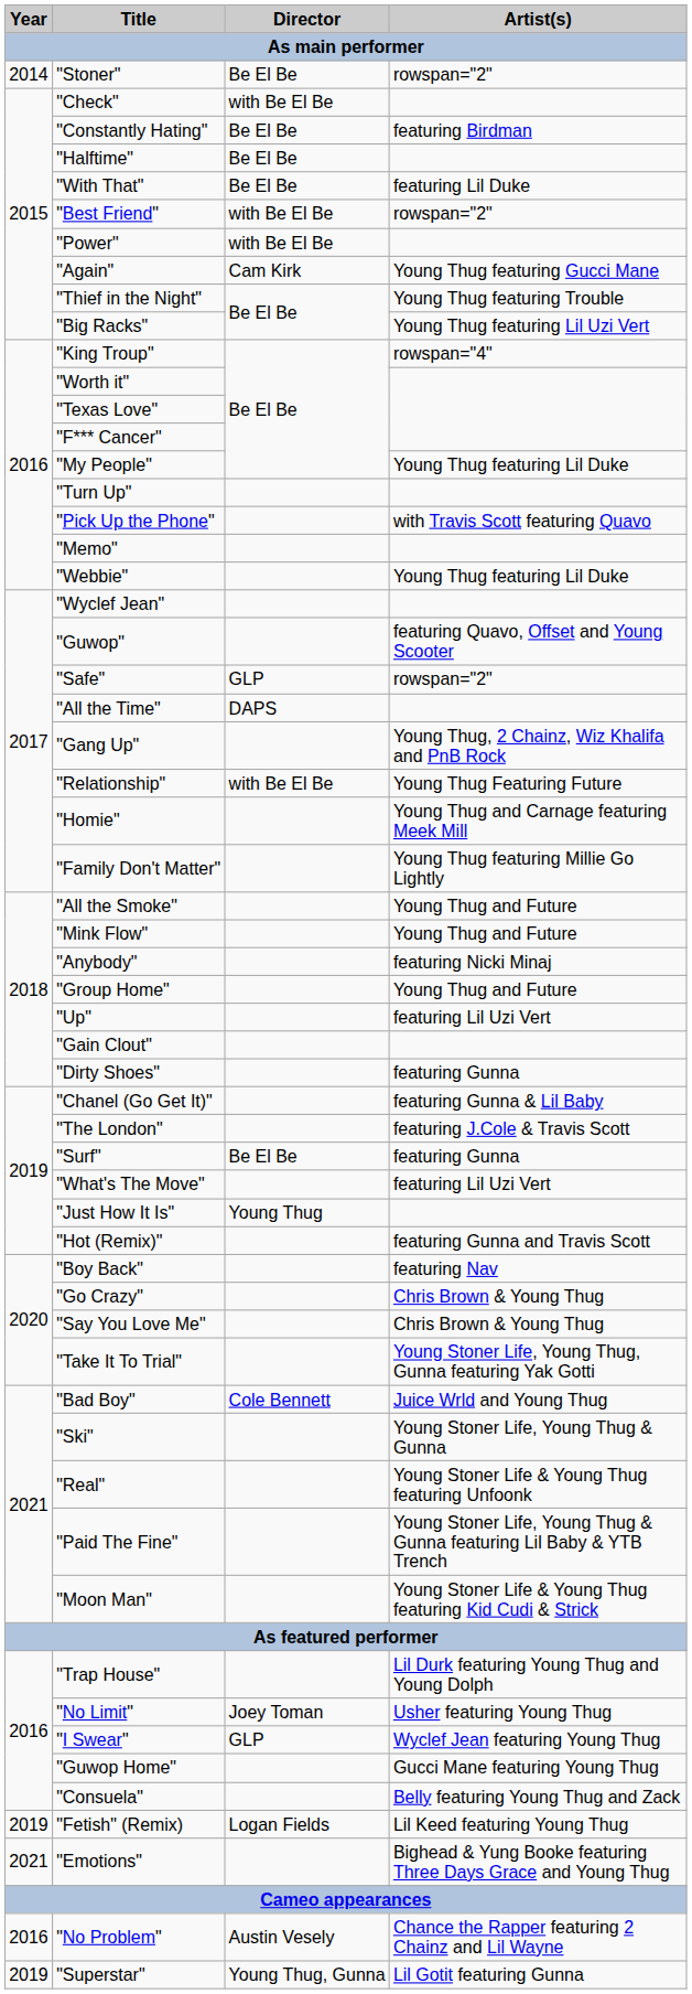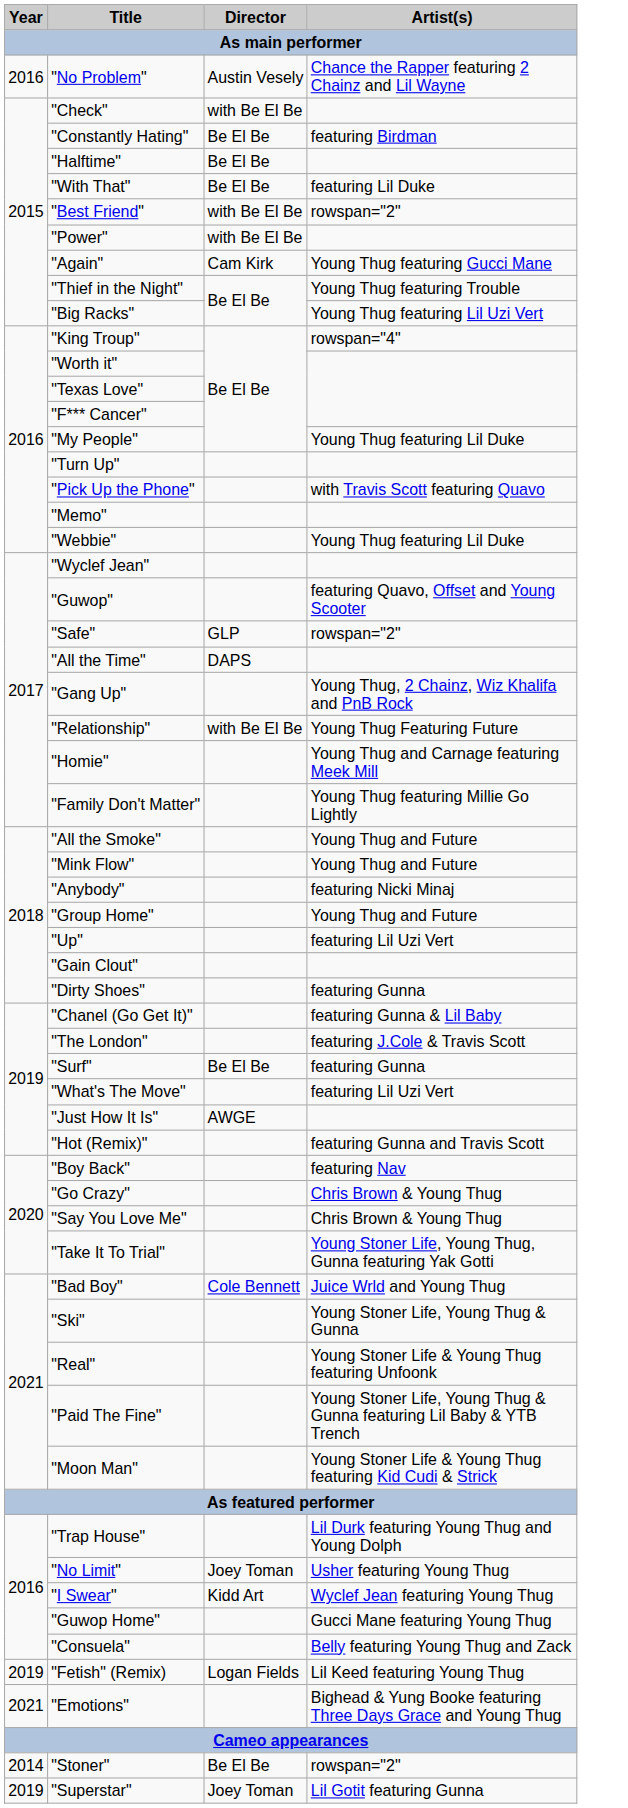 <table class="wikitable" style="font-size:95%">
 <tr>
 <th style="background:#ccc;">Year</th>
 <th style="background:#ccc;">Title</th>
 <th style="background:#ccc;">Director</th>
 <th style="background:#ccc;width:250px">Artist(s)</th>
 </tr>
 <tr style="text-align:center;">
 <th colspan="4" style="background:#B0C4DE;">As main performer</th>
 </tr>
 <tr>
-<td style="text-align:center;">2014</td>
-<td>"Stoner"</td>
-<td>Be El Be</td>
-<td>rowspan="2" </td>
+<td>2016</td>
+<td>"<a href='#'>No Problem</a>"</td>
+<td>Austin Vesely</td>
+<td><a href='#'>Chance the Rapper</a> featuring <a href='#'>2 Chainz</a> and <a href='#'>Lil Wayne</a></td>
 </tr>
 <tr>
 <td style="text-align:center;" rowspan="9">2015</td>
 <td>"Check"</td>
 <td>with Be El Be</td>
 </tr>
 <tr>
 <td>"Constantly Hating"</td>
 <td>Be El Be</td>
 <td>featuring <a href='#'>Birdman</a></td>
 </tr>
 <tr>
 <td>"Halftime"</td>
 <td>Be El Be</td>
 <td></td>
 </tr>
 <tr>
 <td>"With That"</td>
 <td>Be El Be</td>
 <td>featuring Lil Duke</td>
 </tr>
 <tr>
 <td>"<a href='#'>Best Friend</a>"</td>
 <td>with Be El Be</td>
 <td>rowspan="2" </td>
 </tr>
 <tr>
 <td>"Power"</td>
 <td>with Be El Be</td>
 </tr>
 <tr>
 <td>"Again"</td>
 <td>Cam Kirk</td>
 <td>Young Thug featuring <a href='#'>Gucci Mane</a></td>
 </tr>
 <tr>
 <td>"Thief in the Night"</td>
 <td rowspan="2">Be El Be</td>
 <td>Young Thug featuring Trouble</td>
 </tr>
 <tr>
 <td>"Big Racks"</td>
 <td>Young Thug featuring <a href='#'>Lil Uzi Vert</a></td>
 </tr>
 <tr>
 <td style="text-align:center;" rowspan="9">2016</td>
 <td>"King Troup"</td>
 <td rowspan="5">Be El Be</td>
 <td>rowspan="4" </td>
 </tr>
 <tr>
 <td>"Worth it"</td>
 </tr>
 <tr>
 <td>"Texas Love"</td>
 </tr>
 <tr>
 <td>"F*** Cancer"</td>
 </tr>
 <tr>
 <td>"My People"</td>
 <td>Young Thug featuring Lil Duke</td>
 </tr>
 <tr>
 <td>"Turn Up"</td>
 <td></td>
 <td></td>
 </tr>
 <tr>
 <td>"<a href='#'>Pick Up the Phone</a>"</td>
 <td></td>
 <td>with <a href='#'>Travis Scott</a> featuring <a href='#'>Quavo</a></td>
 </tr>
 <tr>
 <td>"Memo"</td>
 <td></td>
 <td></td>
 </tr>
 <tr>
 <td>"Webbie"</td>
 <td></td>
 <td>Young Thug featuring Lil Duke</td>
 </tr>
 <tr>
 <td rowspan="8" style="text-align:center;">2017</td>
 <td>"Wyclef Jean"</td>
 <td></td>
 <td></td>
 </tr>
 <tr>
 <td>"Guwop"</td>
 <td></td>
 <td>featuring Quavo, <a href='#'>Offset</a> and <a href='#'>Young Scooter</a></td>
 </tr>
 <tr>
 <td>"Safe"</td>
 <td>GLP</td>
 <td>rowspan="2" </td>
 </tr>
 <tr>
 <td>"All the Time"</td>
 <td>DAPS</td>
 </tr>
 <tr>
 <td>"Gang Up"</td>
 <td></td>
 <td>Young Thug, <a href='#'>2 Chainz</a>, <a href='#'>Wiz Khalifa</a> and <a href='#'>PnB Rock</a></td>
 </tr>
 <tr>
 <td>"Relationship"</td>
 <td>with Be El Be</td>
 <td>Young Thug Featuring Future</td>
 </tr>
 <tr>
 <td>"Homie"</td>
 <td></td>
 <td>Young Thug and Carnage featuring <a href='#'>Meek Mill</a></td>
 </tr>
 <tr>
 <td>"Family Don't Matter"</td>
 <td></td>
 <td>Young Thug featuring Millie Go Lightly</td>
 </tr>
 <tr>
 <td rowspan="7" style="text-align:center;">2018</td>
 <td>"All the Smoke"</td>
 <td></td>
 <td>Young Thug and Future</td>
 </tr>
 <tr>
 <td>"Mink Flow"</td>
 <td></td>
 <td>Young Thug and Future</td>
 </tr>
 <tr>
 <td>"Anybody"</td>
 <td></td>
 <td>featuring Nicki Minaj</td>
 </tr>
 <tr>
 <td>"Group Home"</td>
 <td></td>
 <td>Young Thug and Future</td>
 </tr>
 <tr>
 <td>"Up"</td>
 <td></td>
 <td>featuring Lil Uzi Vert</td>
 </tr>
 <tr>
 <td>"Gain Clout"</td>
 <td></td>
 <td></td>
 </tr>
 <tr>
 <td>"Dirty Shoes"</td>
 <td></td>
 <td>featuring Gunna</td>
 </tr>
 <tr>
 <td rowspan="6" style="text-align:center;">2019</td>
 <td>"Chanel (Go Get It)"</td>
 <td></td>
 <td>featuring Gunna & <a href='#'>Lil Baby</a></td>
 </tr>
 <tr>
 <td>"The London"</td>
 <td></td>
 <td>featuring <a href='#'>J.Cole</a> & Travis Scott</td>
 </tr>
 <tr 1hd>
 <td>"Surf"</td>
 <td>Be El Be</td>
 <td>featuring Gunna</td>
 </tr>
 <tr>
 <td>"What's The Move"</td>
 <td></td>
 <td>featuring Lil Uzi Vert</td>
 </tr>
 <tr>
 <td>"Just How It Is"</td>
-<td>Young Thug</td>
+<td>AWGE</td>
 <td></td>
 </tr>
 <tr>
 <td>"Hot (Remix)"</td>
 <td></td>
 <td>featuring Gunna and Travis Scott</td>
 </tr>
 <tr>
 <td rowspan="4" style="text-align:center;">2020</td>
 <td>"Boy Back"</td>
 <td></td>
 <td>featuring <a href='#'>Nav</a></td>
 </tr>
 <tr>
 <td>"Go Crazy"</td>
 <td></td>
 <td><a href='#'>Chris Brown</a> & Young Thug</td>
 </tr>
 <tr>
 <td>"Say You Love Me"</td>
 <td></td>
 <td>Chris Brown & Young Thug</td>
 </tr>
 <tr>
 <td>"Take It To Trial"</td>
 <td></td>
 <td><a href='#'>Young Stoner Life</a>, Young Thug, Gunna featuring Yak Gotti</td>
 </tr>
 <tr>
 <td rowspan="5" style="text-align:center;">2021</td>
 <td>"Bad Boy"</td>
 <td><a href='#'>Cole Bennett</a></td>
 <td><a href='#'>Juice Wrld</a> and Young Thug</td>
 </tr>
 <tr>
 <td>"Ski"</td>
 <td></td>
 <td>Young Stoner Life, Young Thug & Gunna</td>
 </tr>
 <tr>
 <td>"Real"</td>
 <td></td>
 <td>Young Stoner Life & Young Thug featuring Unfoonk</td>
 </tr>
 <tr>
 <td>"Paid The Fine"</td>
 <td></td>
 <td>Young Stoner Life, Young Thug & Gunna featuring Lil Baby & YTB Trench</td>
 </tr>
 <tr>
 <td>"Moon Man"</td>
 <td></td>
 <td>Young Stoner Life & Young Thug featuring <a href='#'>Kid Cudi</a> & <a href='#'>Strick</a></td>
 </tr>
 <tr>
 <th colspan="4" style="background:#B0C4DE;">As featured performer</th>
 </tr>
 <tr>
 <td style="text-align:center;" rowspan="5">2016</td>
 <td>"Trap House"</td>
 <td></td>
 <td><a href='#'>Lil Durk</a> featuring Young Thug and Young Dolph</td>
 </tr>
 <tr>
 <td>"<a href='#'>No Limit</a>"</td>
 <td>Joey Toman</td>
 <td><a href='#'>Usher</a> featuring Young Thug</td>
 </tr>
 <tr>
 <td>"<a href='#'>I Swear</a>"</td>
-<td>GLP</td>
+<td>Kidd Art</td>
 <td><a href='#'>Wyclef Jean</a> featuring Young Thug</td>
 </tr>
 <tr>
 <td>"Guwop Home"</td>
 <td></td>
 <td>Gucci Mane featuring Young Thug</td>
 </tr>
 <tr>
 <td>"Consuela"</td>
 <td></td>
 <td><a href='#'>Belly</a> featuring Young Thug and Zack</td>
 </tr>
 <tr>
 <td>2019</td>
 <td>"Fetish" (Remix)</td>
 <td>Logan Fields</td>
 <td>Lil Keed featuring Young Thug</td>
 </tr>
 <tr>
 <td>2021</td>
 <td>"Emotions"</td>
 <td></td>
 <td>Bighead & Yung Booke featuring <a href='#'>Three Days Grace</a> and Young Thug</td>
 </tr>
 <tr>
 <th colspan="4" style="background:#B0C4DE;"><a href='#'>Cameo appearances</a></th>
 </tr>
 <tr>
-<td>2016</td>
-<td>"<a href='#'>No Problem</a>"</td>
-<td>Austin Vesely</td>
-<td><a href='#'>Chance the Rapper</a> featuring <a href='#'>2 Chainz</a> and <a href='#'>Lil Wayne</a></td>
+<td style="text-align:center;">2014</td>
+<td>"Stoner"</td>
+<td>Be El Be</td>
+<td>rowspan="2" </td>
 </tr>
 <tr>
 <td>2019</td>
 <td>"Superstar"</td>
-<td>Young Thug, Gunna</td>
+<td>Joey Toman</td>
 <td><a href='#'>Lil Gotit</a> featuring Gunna</td>
 </tr>
 </table>
